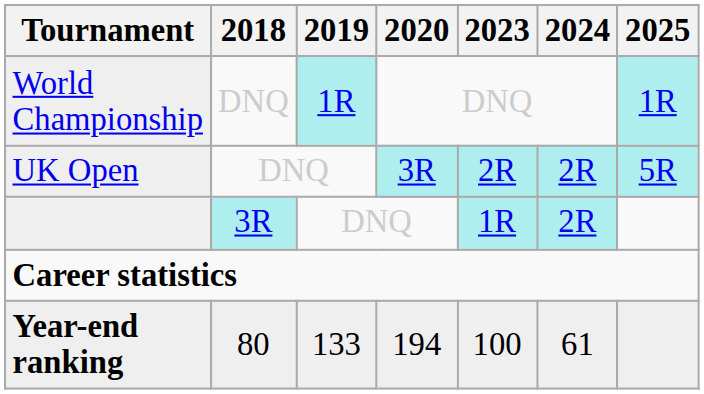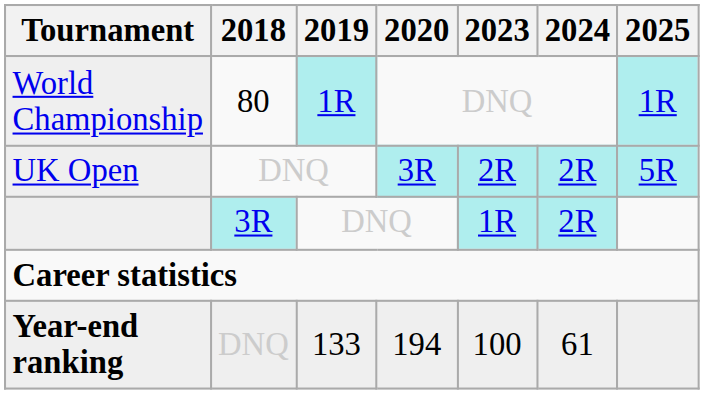 <table class="wikitable" style="width:20%; margin:0">
 <tr>
 <th>Tournament</th>
 <th>2018</th>
 <th>2019</th>
 <th>2020</th>
 <th>2023</th>
 <th>2024</th>
 <th>2025</th>
 </tr>
 <tr>
 <td style="background:#efefef;"><a href='#'>World Championship</a></td>
-<td style="text-align:center; color:#ccc;">DNQ</td>
+<td style="text-align:center;">80</td>
 <td style="text-align:center; background:#afeeee;"><a href='#'>1R</a></td>
 <td colspan="3" style="text-align:center; color:#ccc;">DNQ</td>
 <td style="text-align:center; background:#afeeee;"><a href='#'>1R</a></td>
 </tr>
 <tr>
 <td style="background:#efefef;"><a href='#'>UK Open</a></td>
 <td colspan="2" style="text-align:center; color:#ccc;">DNQ</td>
 <td style="text-align:center; background:#afeeee;"><a href='#'>3R</a></td>
 <td style="text-align:center; background:#afeeee;"><a href='#'>2R</a></td>
 <td style="text-align:center; background:#afeeee;"><a href='#'>2R</a></td>
 <td style="text-align:center; background:#afeeee;"><a href='#'>5R</a></td>
 </tr>
 <tr>
 <td style="background:#efefef;"></td>
 <td style="text-align:center; background:#afeeee;"><a href='#'>3R</a></td>
 <td colspan="2" style="text-align:center; color:#ccc;">DNQ</td>
 <td style="text-align:center; background:#afeeee;"><a href='#'>1R</a></td>
 <td style="text-align:center; background:#afeeee;"><a href='#'>2R</a></td>
 <td></td>
 </tr>
 <tr>
 <td colspan="21" align="left"><strong>Career statistics</strong></td>
 </tr>
 <tr bgcolor="efefef">
 <td align="left"><strong>Year-end ranking</strong></td>
-<td style="text-align:center;">80</td>
+<td style="text-align:center; color:#ccc;">DNQ</td>
 <td style="text-align:center;">133</td>
 <td style="text-align:center;">194</td>
 <td style="text-align:center;">100</td>
 <td style="text-align:center;">61</td>
 <td></td>
 </tr>
 </table>
